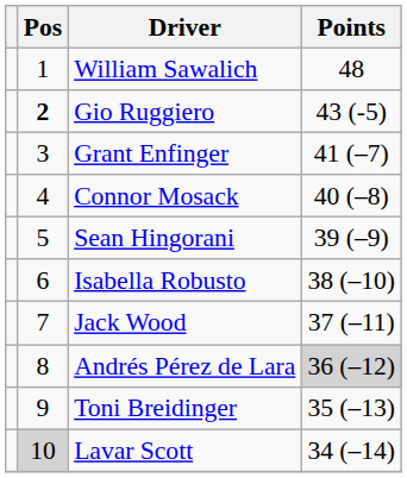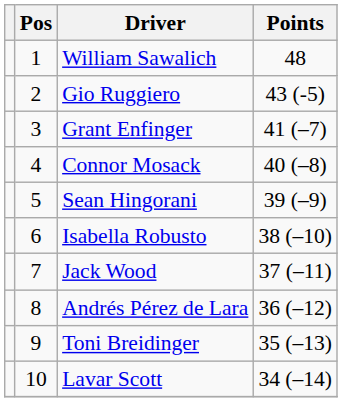 <table class="wikitable" style="font-size: 95%;">
 <tr>
 <th></th>
 <th>Pos</th>
 <th>Driver</th>
 <th>Points</th>
 </tr>
 <tr>
 <td align="left"></td>
 <td style="text-align:center;">1</td>
 <td><a href='#'>William Sawalich</a></td>
 <td style="text-align:center;">48</td>
 </tr>
 <tr>
 <td align="left"></td>
-<td style="text-align:center;"><strong>2</strong></td>
+<td style="text-align:center;">2</td>
 <td><a href='#'>Gio Ruggiero</a></td>
 <td style="text-align:center;">43 (-5)</td>
 </tr>
 <tr>
 <td align="left"></td>
 <td style="text-align:center;">3</td>
 <td><a href='#'>Grant Enfinger</a></td>
 <td style="text-align:center;">41 (–7)</td>
 </tr>
 <tr>
 <td align="left"></td>
 <td style="text-align:center;">4</td>
 <td><a href='#'>Connor Mosack</a></td>
 <td style="text-align:center;">40 (–8)</td>
 </tr>
 <tr>
 <td align="left"></td>
 <td style="text-align:center;">5</td>
 <td><a href='#'>Sean Hingorani</a></td>
 <td style="text-align:center;">39 (–9)</td>
 </tr>
 <tr>
 <td align="left"></td>
 <td style="text-align:center;">6</td>
 <td><a href='#'>Isabella Robusto</a></td>
 <td style="text-align:center;">38 (–10)</td>
 </tr>
 <tr>
 <td align="left"></td>
 <td style="text-align:center;">7</td>
 <td><a href='#'>Jack Wood</a></td>
 <td style="text-align:center;">37 (–11)</td>
 </tr>
 <tr>
 <td align="left"></td>
 <td style="text-align:center;">8</td>
 <td><a href='#'>Andrés Pérez de Lara</a></td>
-<td style="background: lightgrey; text-align:center;">36 (–12)</td>
+<td style="text-align:center;">36 (–12)</td>
 </tr>
 <tr>
 <td align="left"></td>
 <td style="text-align:center;">9</td>
 <td><a href='#'>Toni Breidinger</a></td>
 <td style="text-align:center;">35 (–13)</td>
 </tr>
 <tr>
 <td align="left"></td>
-<td style="background: lightgrey; text-align:center;">10</td>
+<td style="text-align:center;">10</td>
 <td><a href='#'>Lavar Scott</a></td>
 <td style="text-align:center;">34 (–14)</td>
 </tr>
 <tr class="sortbottom">
 </tr>
 </table>
